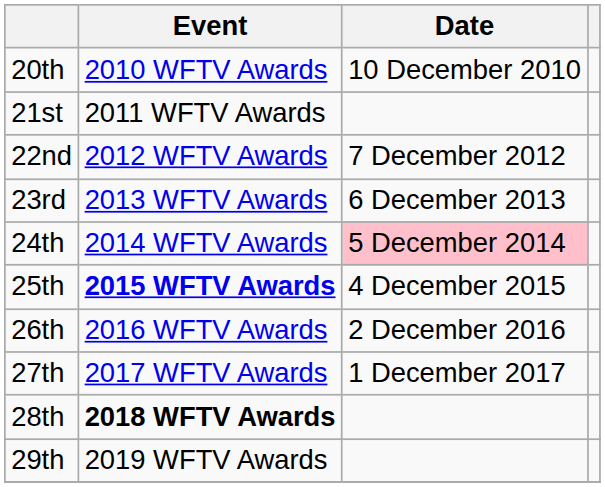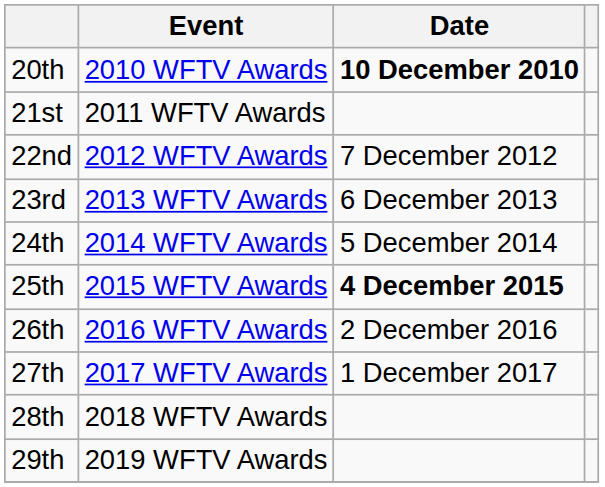 <table class="wikitable">
 <tr>
 <th></th>
 <th>Event</th>
 <th>Date</th>
 <th></th>
 </tr>
 <tr>
 <td>20th</td>
 <td><a href='#'>2010 WFTV Awards</a></td>
-<td>10 December 2010</td>
+<td><strong>10 December 2010</strong></td>
 <td></td>
 </tr>
 <tr>
 <td>21st</td>
 <td>2011 WFTV Awards</td>
 <td></td>
 <td></td>
 </tr>
 <tr>
 <td>22nd</td>
 <td><a href='#'>2012 WFTV Awards</a></td>
 <td>7 December 2012</td>
 <td></td>
 </tr>
 <tr>
 <td>23rd</td>
 <td><a href='#'>2013 WFTV Awards</a></td>
 <td>6 December 2013</td>
 <td></td>
 </tr>
 <tr>
 <td>24th</td>
 <td><a href='#'>2014 WFTV Awards</a></td>
-<td style="background: pink;">5 December 2014</td>
+<td>5 December 2014</td>
 <td></td>
 </tr>
 <tr>
 <td>25th</td>
-<td><strong><a href='#'>2015 WFTV Awards</a></strong></td>
-<td>4 December 2015</td>
+<td><a href='#'>2015 WFTV Awards</a></td>
+<td><strong>4 December 2015</strong></td>
 <td></td>
 </tr>
 <tr>
 <td>26th</td>
 <td><a href='#'>2016 WFTV Awards</a></td>
 <td>2 December 2016</td>
 <td></td>
 </tr>
 <tr>
 <td>27th</td>
 <td><a href='#'>2017 WFTV Awards</a></td>
 <td>1 December 2017</td>
 <td></td>
 </tr>
 <tr>
 <td>28th</td>
-<td><strong>2018 WFTV Awards</strong></td>
+<td>2018 WFTV Awards</td>
 <td></td>
 <td></td>
 </tr>
 <tr>
 <td>29th</td>
 <td>2019 WFTV Awards</td>
 <td></td>
 <td></td>
 </tr>
 <tr>
 </tr>
 </table>
